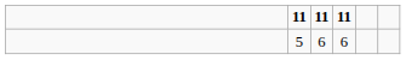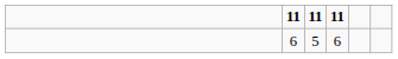 <table class="wikitable">
 <tr>
 <td style="width:18em"><strong></strong></td>
 <td align=center style="width:1em"><strong>11</strong></td>
 <td align=center style="width:1em"><strong>11</strong></td>
 <td align=center style="width:1em"><strong>11</strong></td>
 <td align=center style="width:1em"></td>
 <td align=center style="width:1em"></td>
 </tr>
 <tr>
 <td style="width:18em"></td>
+<td align=center style="width:1em">6</td>
 <td align=center style="width:1em">5</td>
-<td align=center style="width:1em">6</td>
 <td align=center style="width:1em">6</td>
 <td align=center style="width:1em"></td>
 <td align=center style="width:1em"></td>
 </tr>
 </table>
